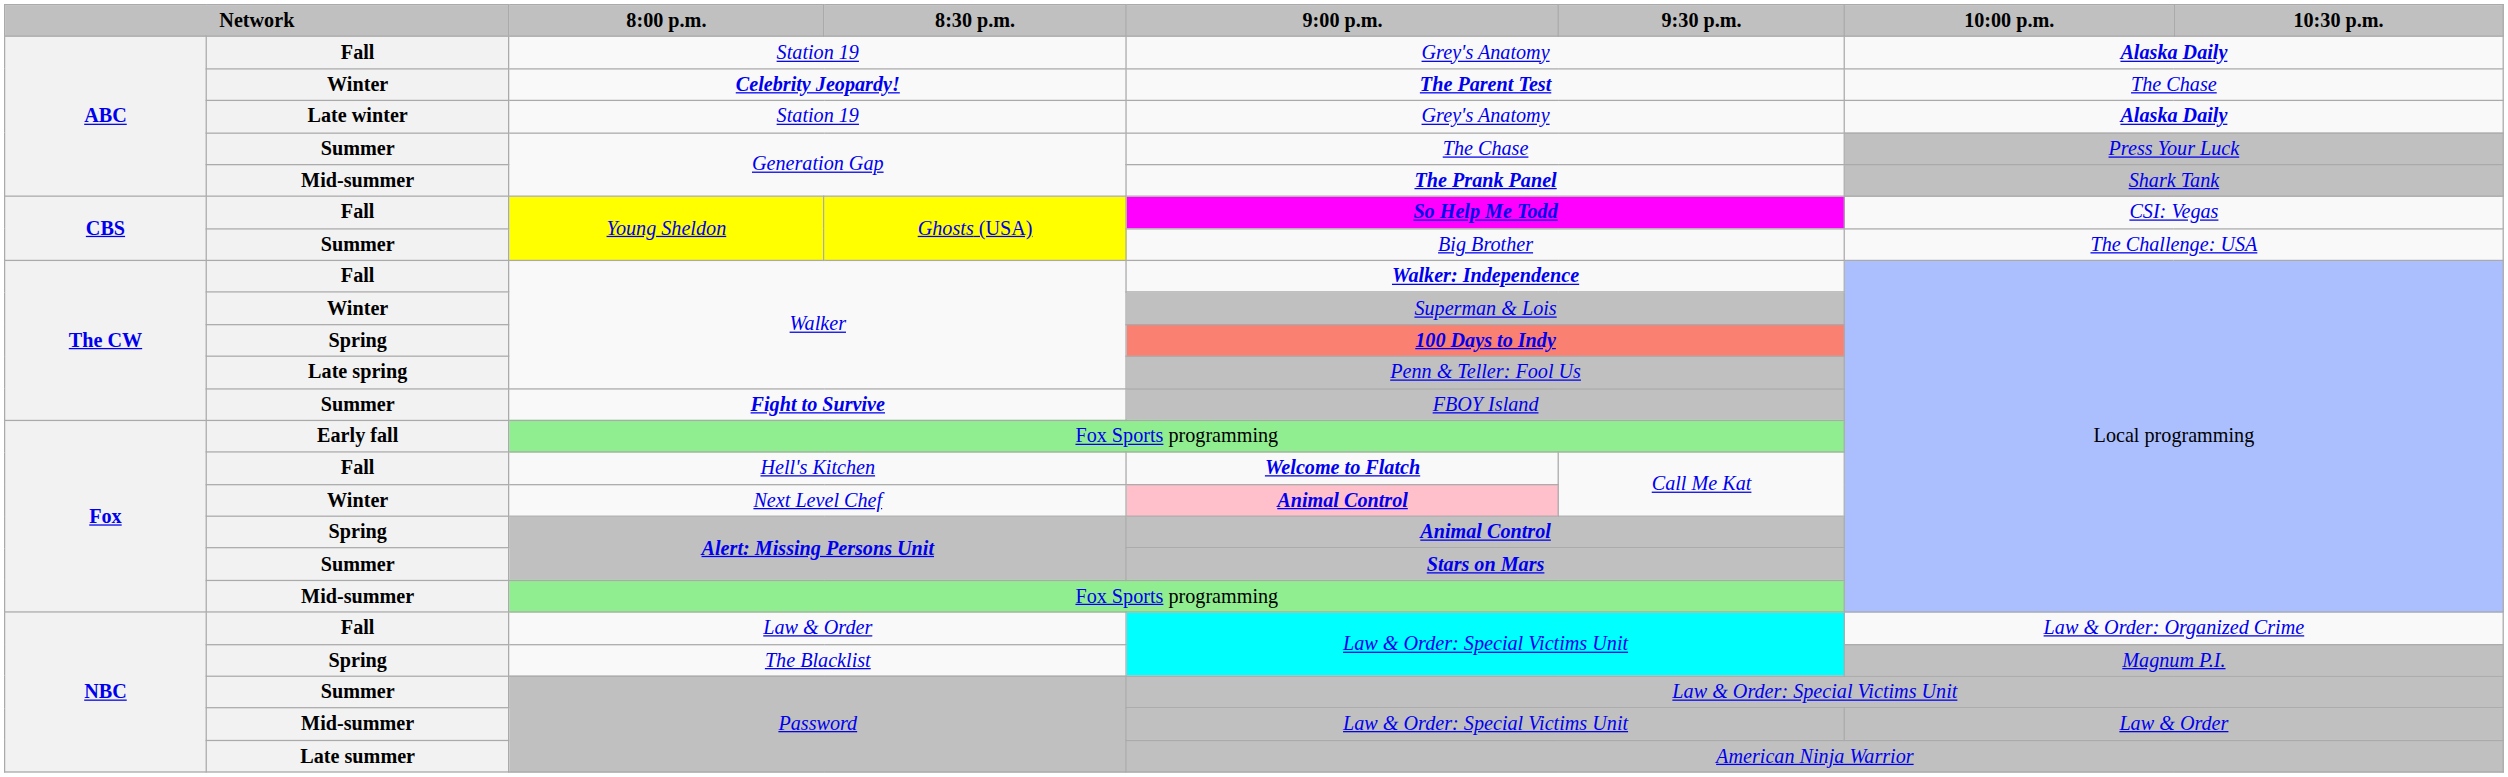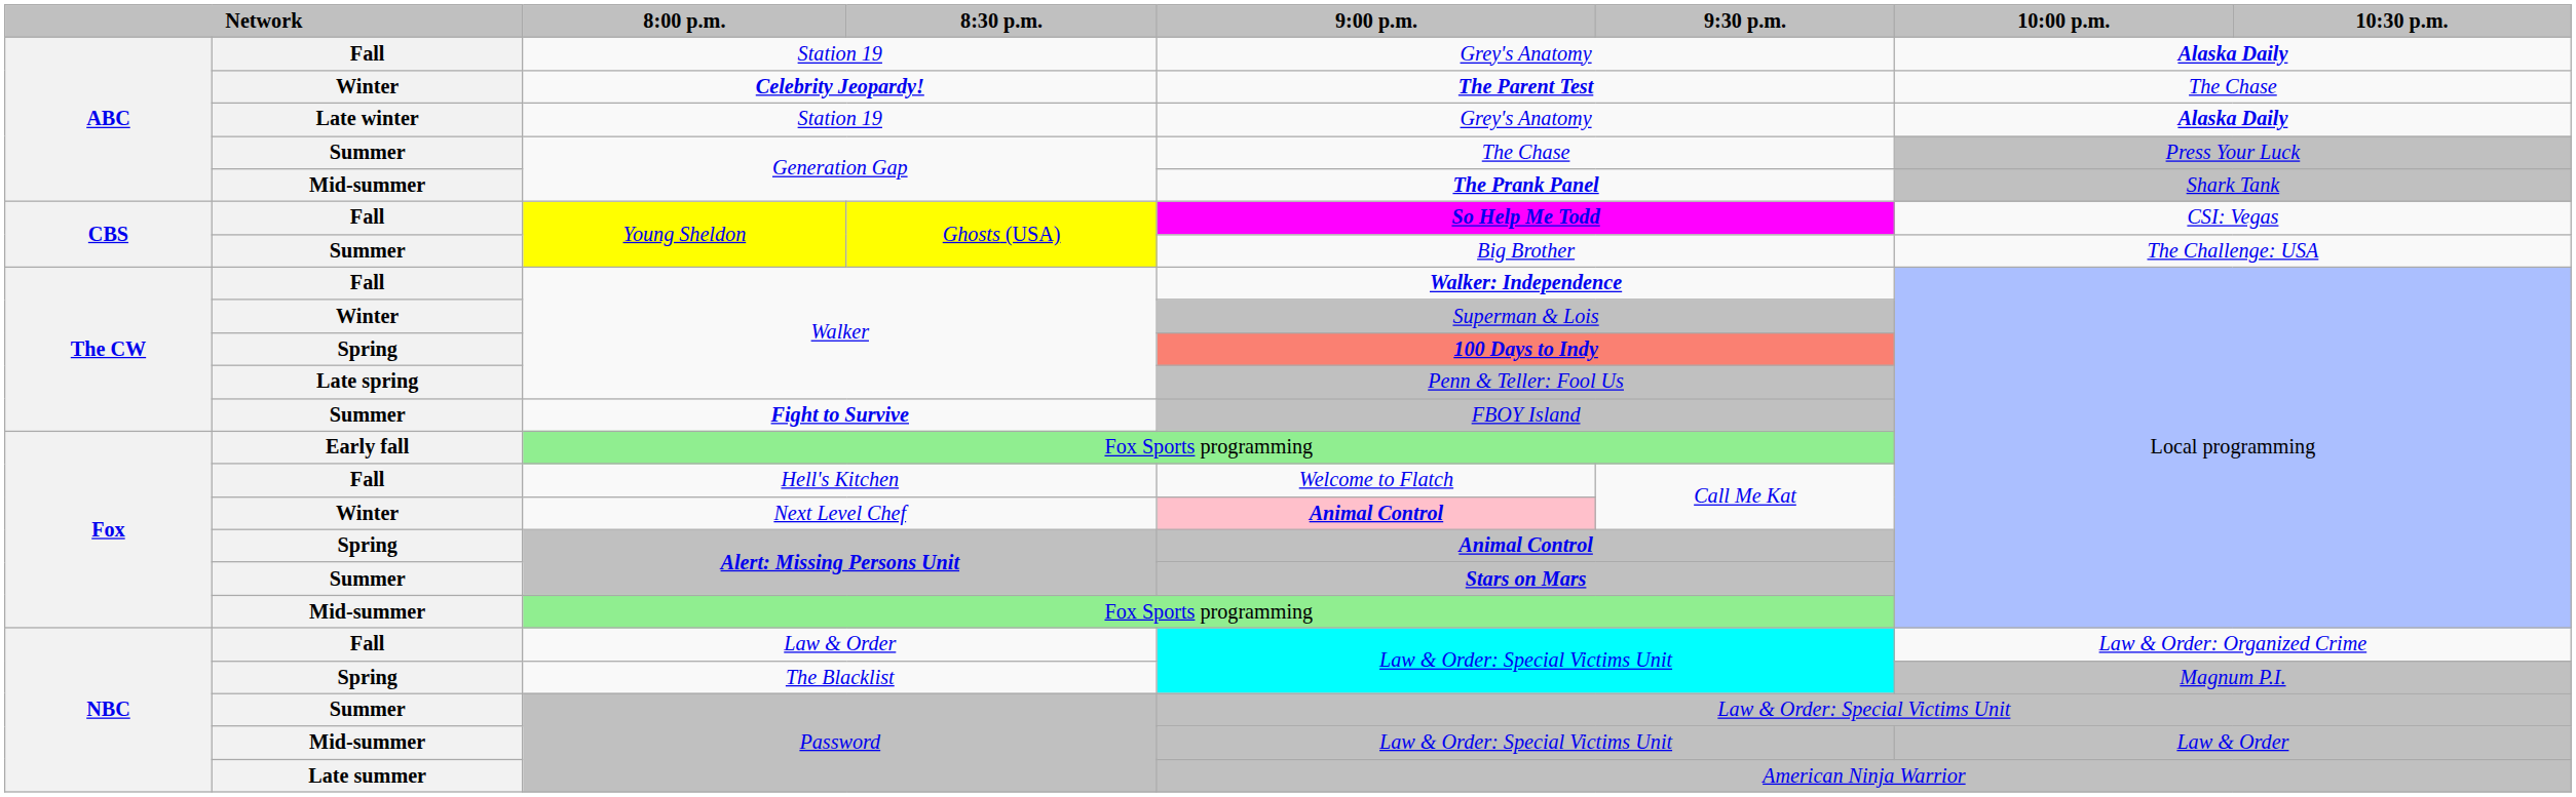 <table class="wikitable" style="width:100%;margin-right:0;text-align:center">
 <tr>
 <th colspan="2" style="background-color:#C0C0C0;text-align:center">Network</th>
 <th style="background-color:#C0C0C0;text-align:center">8:00 p.m.</th>
 <th style="background-color:#C0C0C0;text-align:center">8:30 p.m.</th>
 <th style="background-color:#C0C0C0;text-align:center">9:00 p.m.</th>
 <th style="background-color:#C0C0C0;text-align:center">9:30 p.m.</th>
 <th style="background-color:#C0C0C0;text-align:center">10:00 p.m.</th>
 <th style="background-color:#C0C0C0;text-align:center">10:30 p.m.</th>
 </tr>
 <tr>
 <th rowspan="5"><a href='#'>ABC</a></th>
 <th>Fall</th>
 <td colspan="2"><em><a href='#'>Station 19</a></em></td>
 <td colspan="2"><em><a href='#'>Grey's Anatomy</a></em></td>
 <td colspan="2"><strong><em><a href='#'>Alaska Daily</a></em></strong></td>
 </tr>
 <tr>
 <th>Winter</th>
 <td colspan="2"><strong><em><a href='#'>Celebrity Jeopardy!</a></em></strong></td>
 <td colspan="2"><strong><em><a href='#'>The Parent Test</a></em></strong></td>
 <td colspan="2"><em><a href='#'>The Chase</a></em></td>
 </tr>
 <tr>
 <th>Late winter</th>
 <td colspan="2"><em><a href='#'>Station 19</a></em></td>
 <td colspan="2"><em><a href='#'>Grey's Anatomy</a></em></td>
 <td colspan="2"><strong><em><a href='#'>Alaska Daily</a></em></strong></td>
 </tr>
 <tr>
 <th>Summer</th>
 <td rowspan="2" colspan="2"><em><a href='#'>Generation Gap</a></em></td>
 <td colspan="2"><em><a href='#'>The Chase</a></em></td>
 <td colspan="2" style="background:#C0C0C0;"><em><a href='#'>Press Your Luck</a></em> </td>
 </tr>
 <tr>
 <th>Mid-summer</th>
 <td colspan="2"><strong><em><a href='#'>The Prank Panel</a></em></strong></td>
 <td colspan="2" style="background:#C0C0C0;"><em><a href='#'>Shark Tank</a></em> </td>
 </tr>
 <tr>
 <th rowspan="2"><a href='#'>CBS</a></th>
 <th>Fall</th>
 <td rowspan="2" style="background:yellow;"><em><a href='#'>Young Sheldon</a></em> </td>
 <td rowspan="2" style="background:yellow;"><a href='#'><em>Ghosts</em> (USA)</a> </td>
 <td colspan="2" style="background:magenta;"><strong><em><a href='#'>So Help Me Todd</a></em></strong> </td>
 <td colspan="2"><em><a href='#'>CSI: Vegas</a></em></td>
 </tr>
 <tr>
 <th>Summer</th>
 <td colspan="2"><em><a href='#'>Big Brother</a></em></td>
 <td colspan="2"><em><a href='#'>The Challenge: USA</a></em></td>
 </tr>
 <tr>
 <th rowspan="5"><a href='#'>The CW</a></th>
 <th>Fall</th>
 <td rowspan="4" colspan="2"><em><a href='#'>Walker</a></em></td>
 <td colspan="2"><strong><em><a href='#'>Walker: Independence</a></em></strong></td>
 <td rowspan="11" colspan="2" style="background:#abbfff">Local programming</td>
 </tr>
 <tr>
 <th>Winter</th>
 <td colspan="2" style="background:#C0C0C0;"><em><a href='#'>Superman & Lois</a></em> </td>
 </tr>
 <tr>
 <th>Spring</th>
 <td colspan="2" style="background:#FA8072;"><strong><em><a href='#'>100 Days to Indy</a></em></strong></td>
 </tr>
 <tr>
 <th>Late spring</th>
 <td colspan="2" style="background:#C0C0C0;"><em><a href='#'>Penn & Teller: Fool Us</a></em> </td>
 </tr>
 <tr>
 <th>Summer</th>
 <td colspan="2"><strong><em><a href='#'>Fight to Survive</a></em></strong></td>
 <td colspan="2" style="background:#C0C0C0;"><em><a href='#'>FBOY Island</a></em> </td>
 </tr>
 <tr>
 <th rowspan="6"><a href='#'>Fox</a></th>
 <th>Early fall</th>
 <td colspan="4" style="background:lightgreen"><a href='#'>Fox Sports</a> programming</td>
 </tr>
 <tr>
 <th>Fall</th>
 <td colspan="2"><em><a href='#'>Hell's Kitchen</a></em></td>
-<td><strong><em><a href='#'>Welcome to Flatch</a></em></strong></td>
+<td><em><a href='#'>Welcome to Flatch</a></em></td>
 <td rowspan="2"><em><a href='#'>Call Me Kat</a></em></td>
 </tr>
 <tr>
 <th>Winter</th>
 <td colspan="2"><em><a href='#'>Next Level Chef</a></em></td>
 <td style="background: pink;"><strong><em><a href='#'>Animal Control</a></em></strong></td>
 </tr>
 <tr>
 <th>Spring</th>
 <td rowspan="2" colspan="2" style="background:#C0C0C0;"><strong><em><a href='#'>Alert: Missing Persons Unit</a></em></strong> </td>
 <td colspan="2" style="background:#C0C0C0;"><strong><em><a href='#'>Animal Control</a></em></strong> </td>
 </tr>
 <tr>
 <th>Summer</th>
 <td colspan="2" style="background:#C0C0C0;"><strong><em><a href='#'>Stars on Mars</a></em></strong> </td>
 </tr>
 <tr>
 <th>Mid-summer</th>
 <td colspan="4" style="background:lightgreen"><a href='#'>Fox Sports</a> programming</td>
 </tr>
 <tr>
 <th rowspan="5"><a href='#'>NBC</a></th>
 <th>Fall</th>
 <td colspan="2"><em><a href='#'>Law & Order</a></em></td>
 <td rowspan="2" colspan="2" style="background:cyan;"><em><a href='#'>Law & Order: Special Victims Unit</a></em> </td>
 <td colspan="2"><em><a href='#'>Law & Order: Organized Crime</a></em></td>
 </tr>
 <tr>
 <th>Spring</th>
 <td colspan="2"><em><a href='#'>The Blacklist</a></em></td>
 <td colspan="2" style="background:#C0C0C0;"><em><a href='#'>Magnum P.I.</a></em> </td>
 </tr>
 <tr>
 <th>Summer</th>
 <td rowspan="3" colspan="2" style="background:#C0C0C0;"><em><a href='#'>Password</a></em> </td>
 <td colspan="4" style="background:#C0C0C0;"><em><a href='#'>Law & Order: Special Victims Unit</a></em> </td>
 </tr>
 <tr>
 <th>Mid-summer</th>
 <td colspan="2" style="background:#C0C0C0;"><em><a href='#'>Law & Order: Special Victims Unit</a></em> </td>
 <td colspan="2" style="background:#C0C0C0;"><em><a href='#'>Law & Order</a></em> </td>
 </tr>
 <tr>
 <th>Late summer</th>
 <td colspan="4" style="background:#C0C0C0;"><em><a href='#'>American Ninja Warrior</a></em> </td>
 </tr>
 </table>
